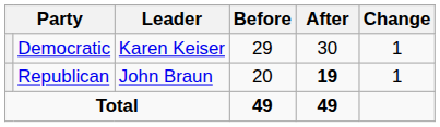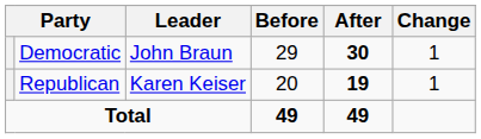 <table class="wikitable" style="text-align:center;">
 <tr>
 </tr>
 <tr>
 <th colspan="2">Party</th>
 <th>Leader</th>
 <th style="width:3em">Before</th>
 <th style="width:3em">After</th>
 <th style="width:3em">Change</th>
 </tr>
 <tr>
 <th style="background-color:"></th>
 <td style="text-align:left;"><a href='#'>Democratic</a></td>
-<td style="text-align:left;"><a href='#'>Karen Keiser</a></td>
+<td style="text-align:left;"><a href='#'>John Braun</a></td>
 <td>29</td>
-<td>30</td>
+<td><strong>30</strong></td>
 <td> 1</td>
 </tr>
 <tr>
 <th style="background-color:"></th>
 <td style="text-align:left;"><a href='#'>Republican</a></td>
-<td style="text-align:left;"><a href='#'>John Braun</a></td>
+<td style="text-align:left;"><a href='#'>Karen Keiser</a></td>
 <td>20</td>
 <td><strong>19</strong></td>
 <td> 1</td>
 </tr>
 <tr>
 <td colspan="3"><strong>Total</strong></td>
 <td><strong>49</strong></td>
 <td><strong>49</strong></td>
 <td></td>
 </tr>
 </table>
